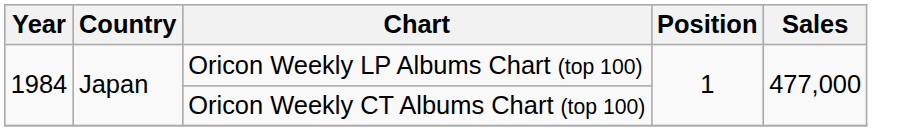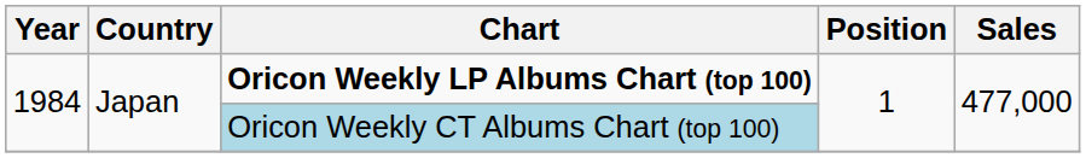 <table class="wikitable">
 <tr>
 <th>Year</th>
 <th>Country</th>
 <th>Chart</th>
 <th>Position</th>
 <th>Sales</th>
 </tr>
 <tr>
 <td rowspan=2>1984</td>
 <td rowspan=2>Japan</td>
-<td>Oricon Weekly LP Albums Chart <small>(top 100)</small></td>
+<td><strong>Oricon Weekly LP Albums Chart <small>(top 100)</small></strong></td>
 <td align="center" rowspan=2>1</td>
 <td rowspan=2>477,000</td>
 </tr>
 <tr>
-<td>Oricon Weekly CT Albums Chart <small>(top 100)</small></td>
+<td style="background: lightblue;">Oricon Weekly CT Albums Chart <small>(top 100)</small></td>
 </tr>
 <tr>
 </tr>
 </table>
